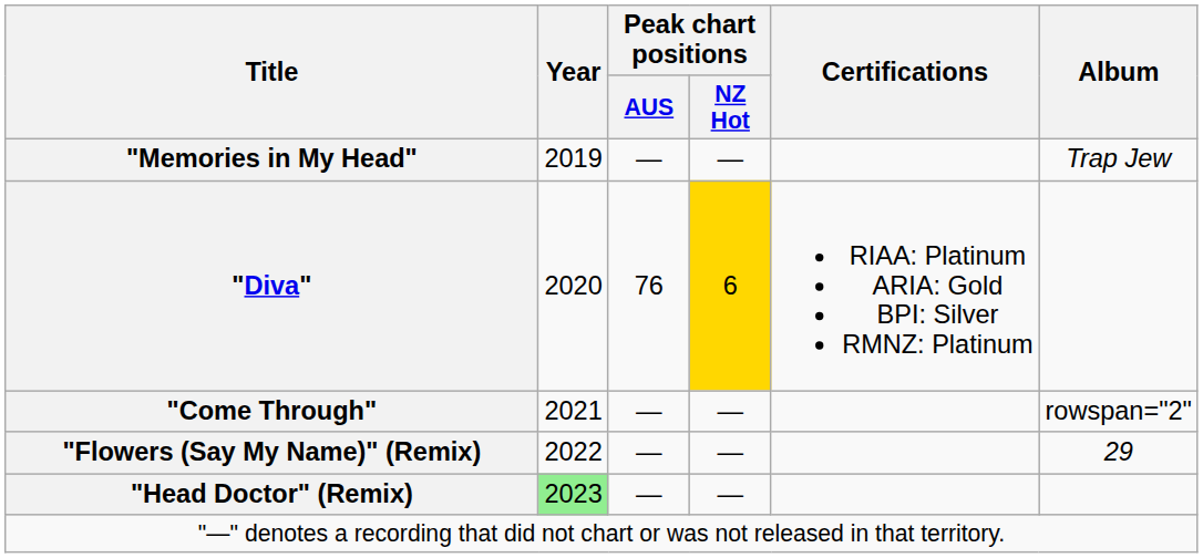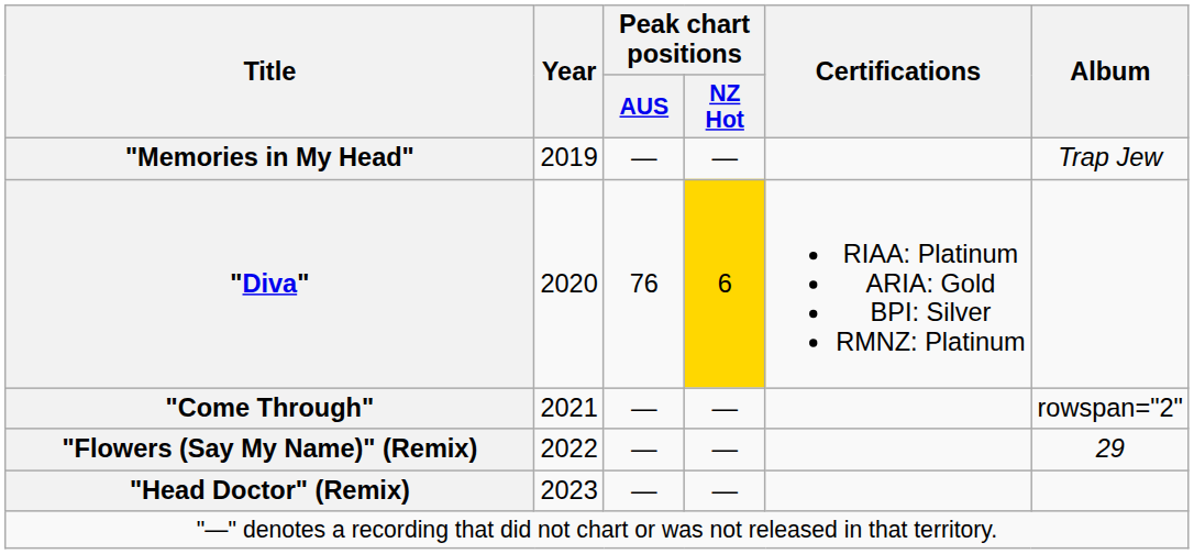 <table class="wikitable plainrowheaders" style="text-align:center">
 <tr>
 <th scope="col" rowspan="2" style="width:20em;">Title</th>
 <th scope="col" rowspan="2">Year</th>
 <th scope="col" colspan="2">Peak chart positions</th>
 <th scope="col" rowspan="2">Certifications</th>
 <th scope="col" rowspan="2">Album</th>
 </tr>
 <tr>
 <th scope="col" style="width:3em;font-size:90%;"><a href='#'>AUS</a><br></th>
 <th scope="col" style="width:3em;font-size:90%;"><a href='#'>NZ<br>Hot</a><br></th>
 </tr>
 <tr>
 <th scope="row">"Memories in My Head"<br></th>
 <td>2019</td>
 <td>—</td>
 <td>—</td>
 <td></td>
 <td><em>Trap Jew</em></td>
 </tr>
 <tr>
 <th scope="row">"<a href='#'>Diva</a>"<br></th>
 <td>2020</td>
 <td>76</td>
 <td style="background: gold;">6</td>
 <td><br><ul><li>RIAA: Platinum</li><li>ARIA: Gold</li><li>BPI: Silver</li><li>RMNZ: Platinum</li></ul></td>
 <td></td>
 </tr>
 <tr>
 <th scope="row">"Come Through"<br></th>
 <td>2021</td>
 <td>—</td>
 <td>—</td>
 <td></td>
 <td>rowspan="2" </td>
 </tr>
 <tr>
 <th scope="row">"Flowers (Say My Name)" (Remix)<br></th>
 <td>2022</td>
 <td>—</td>
 <td>—</td>
 <td></td>
 <td><em>29</em></td>
 </tr>
 <tr>
 <th scope="row">"Head Doctor" (Remix)<br></th>
-<td style="background: lightgreen;">2023</td>
+<td>2023</td>
 <td>—</td>
 <td>—</td>
 <td></td>
 </tr>
 <tr>
 <td colspan="7" style="font-size:90%">"—" denotes a recording that did not chart or was not released in that territory.</td>
 </tr>
 </table>
